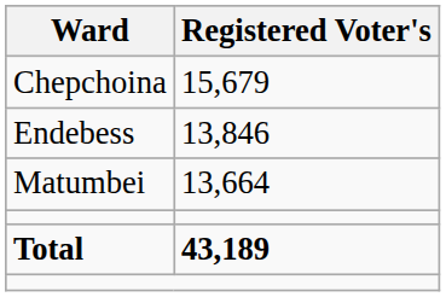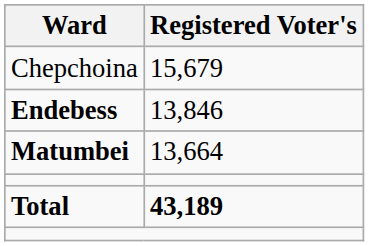 <table class="wikitable">
 <tr>
 <th>Ward</th>
 <th>Registered Voter's</th>
 </tr>
 <tr>
 <td>Chepchoina</td>
 <td>15,679</td>
 </tr>
 <tr>
-<td>Endebess</td>
+<td><strong>Endebess</strong></td>
 <td>13,846</td>
 </tr>
 <tr>
-<td>Matumbei</td>
+<td><strong>Matumbei</strong></td>
 <td>13,664</td>
 </tr>
 <tr>
 <td></td>
 <td></td>
 </tr>
 <tr>
 <td><strong>Total</strong></td>
 <td><strong>43,189</strong></td>
 </tr>
 <tr>
 <td colspan="2"> </td>
 </tr>
 </table>
